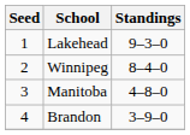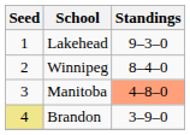 <table class="wikitable">
 <tr>
 <th>Seed</th>
 <th>School</th>
 <th>Standings</th>
 </tr>
 <tr>
 <td style="text-align:center">1</td>
 <td>Lakehead</td>
 <td style="text-align:center">9–3–0</td>
 </tr>
 <tr>
 <td style="text-align:center">2</td>
 <td>Winnipeg</td>
 <td style="text-align:center">8–4–0</td>
 </tr>
 <tr>
 <td style="text-align:center">3</td>
 <td>Manitoba</td>
-<td style="text-align:center">4–8–0</td>
+<td style="background: lightsalmon; text-align:center">4–8–0</td>
 </tr>
 <tr>
-<td style="text-align:center">4</td>
+<td style="background: khaki; text-align:center">4</td>
 <td>Brandon</td>
 <td style="text-align:center">3–9–0</td>
 </tr>
 <tr>
 </tr>
 </table>
